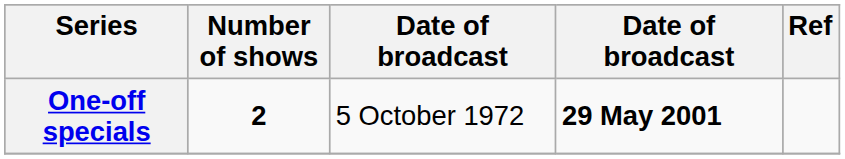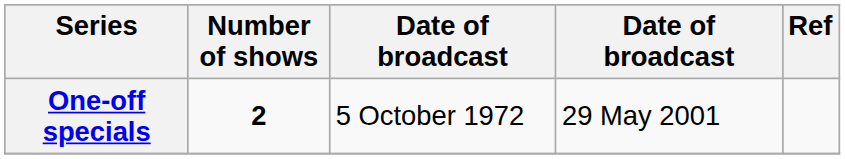 <table class="wikitable plainrowheaders sortable" style="margin-right: 0;">
 <tr>
 <th scope="col" style="vertical-align: top; width: 100px;">Series</th>
 <th scope="col" style="vertical-align: top; width: 75px;">Number of shows</th>
 <th scope="col" style="vertical-align: top; width: 125px;">Date of broadcast</th>
 <th scope="col" style="vertical-align: top; width: 125px;">Date of broadcast</th>
 <th scope="col" class="unsortable" style="vertical-align: top;">Ref</th>
 </tr>
 <tr>
 <th scope="row"><a href='#'>One-off specials</a></th>
 <td style="text-align: center;"><strong>2</strong></td>
 <td>5 October 1972</td>
-<td><strong>29 May 2001</strong></td>
+<td>29 May 2001</td>
 <td></td>
 </tr>
 <tr>
 </tr>
 </table>
